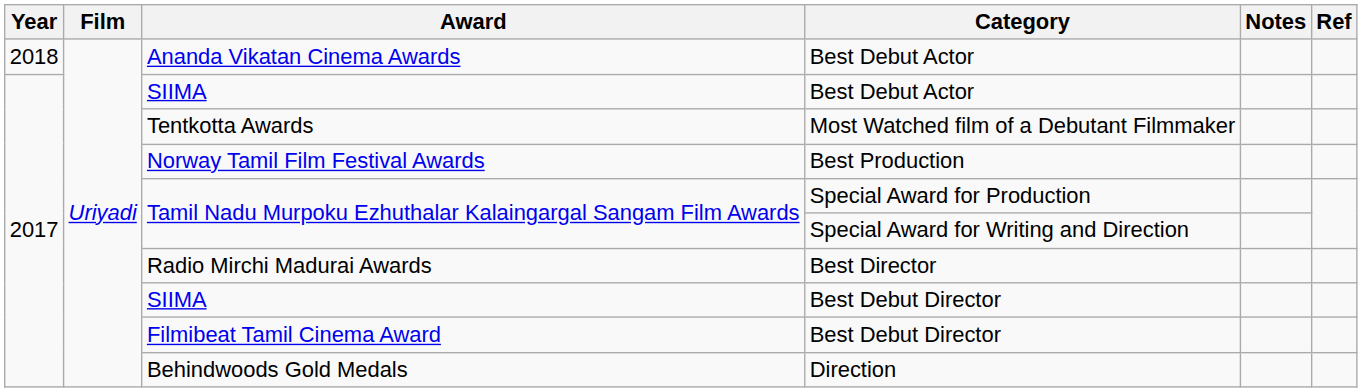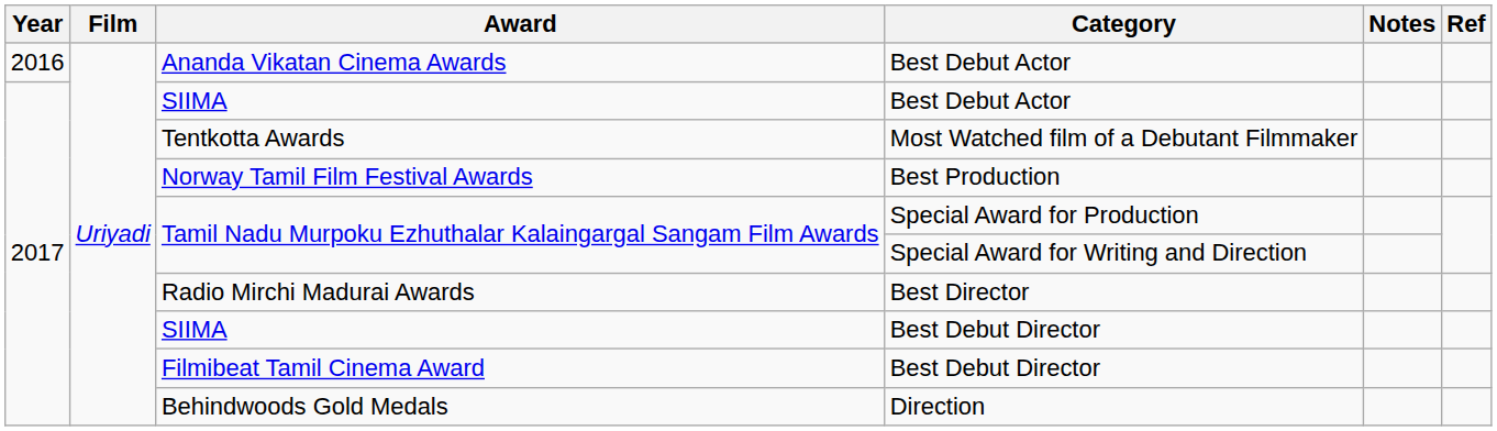 <table class="wikitable">
 <tr>
 <th>Year</th>
 <th>Film</th>
 <th>Award</th>
 <th>Category</th>
 <th>Notes</th>
 <th>Ref</th>
 </tr>
 <tr>
-<td rowspan="1">2018</td>
+<td rowspan="1">2016</td>
 <td rowspan="10"><em><a href='#'>Uriyadi</a></em></td>
 <td><a href='#'>Ananda Vikatan Cinema Awards</a></td>
 <td>Best Debut Actor</td>
 <td></td>
 <td></td>
 </tr>
 <tr>
 <td rowspan="9">2017</td>
 <td><a href='#'>SIIMA</a></td>
 <td>Best Debut Actor</td>
 <td></td>
 <td></td>
 </tr>
 <tr>
 <td>Tentkotta Awards</td>
 <td>Most Watched film of a Debutant Filmmaker</td>
 <td></td>
 <td></td>
 </tr>
 <tr>
 <td><a href='#'>Norway Tamil Film Festival Awards</a></td>
 <td>Best Production</td>
 <td></td>
 <td></td>
 </tr>
 <tr>
 <td rowspan="2"><a href='#'>Tamil Nadu Murpoku Ezhuthalar Kalaingargal Sangam Film Awards</a></td>
 <td>Special Award for Production</td>
 <td></td>
 <td rowspan="2"></td>
 </tr>
 <tr>
 <td>Special Award for Writing and Direction</td>
 <td></td>
 </tr>
 <tr>
 <td>Radio Mirchi Madurai Awards</td>
 <td>Best Director</td>
 <td></td>
 <td></td>
 </tr>
 <tr>
 <td><a href='#'>SIIMA</a></td>
 <td>Best Debut Director</td>
 <td></td>
 <td></td>
 </tr>
 <tr>
 <td><a href='#'>Filmibeat Tamil Cinema Award</a></td>
 <td>Best Debut Director</td>
 <td></td>
 <td></td>
 </tr>
 <tr>
 <td>Behindwoods Gold Medals</td>
 <td>Direction</td>
 <td></td>
 <td></td>
 </tr>
 </table>
